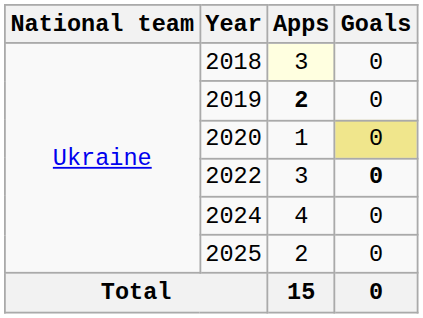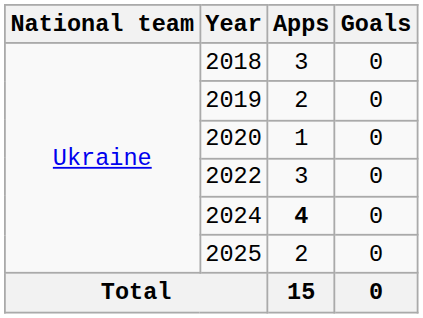 <table class="wikitable" style="text-align:center">
 <tr>
 <th>National team</th>
 <th>Year</th>
 <th>Apps</th>
 <th>Goals</th>
 </tr>
 <tr>
 <td rowspan=6><a href='#'>Ukraine</a></td>
 <td>2018</td>
-<td style="background: lightyellow;">3</td>
+<td>3</td>
 <td>0</td>
 </tr>
 <tr>
 <td>2019</td>
-<td><strong>2</strong></td>
+<td>2</td>
 <td>0</td>
 </tr>
 <tr>
 <td>2020</td>
 <td>1</td>
-<td style="background: khaki;">0</td>
+<td>0</td>
 </tr>
 <tr>
 <td>2022</td>
 <td>3</td>
-<td><strong>0</strong></td>
+<td>0</td>
 </tr>
 <tr>
 <td>2024</td>
-<td>4</td>
+<td><strong>4</strong></td>
 <td>0</td>
 </tr>
 <tr>
 <td>2025</td>
 <td>2</td>
 <td>0</td>
 </tr>
 <tr>
 <th colspan=2>Total</th>
 <th>15</th>
 <th>0</th>
 </tr>
 </table>
